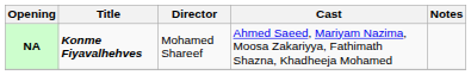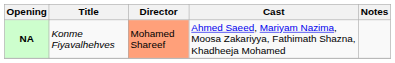 <table class="wikitable plainrowheaders" width="100%">
 <tr>
 <th scope="col" colspan="2">Opening</th>
 <th scope="col">Title</th>
 <th scope="col">Director</th>
 <th scope="col">Cast</th>
 <th scope="col">Notes</th>
 </tr>
 <tr>
 <td style="text-align:center; textcolor:#000; background:#cdfecd;" colspan="2"><strong>NA</strong></td>
-<td><strong><em>Konme Fiyavalhehves</em></strong></td>
-<td>Mohamed Shareef</td>
+<td><em>Konme Fiyavalhehves</em></td>
+<td style="background: lightsalmon;">Mohamed Shareef</td>
 <td><a href='#'>Ahmed Saeed</a>, <a href='#'>Mariyam Nazima</a>, Moosa Zakariyya, Fathimath Shazna, Khadheeja Mohamed</td>
 <td></td>
 </tr>
 <tr>
 </tr>
 </table>
